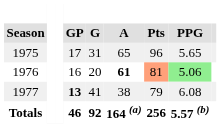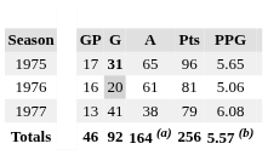 <table BORDER="0" CELLPADDING="3" CELLSPACING="0">
 <tr ALIGN="center" style="background:#e0e0e0;">
 <th colspan="1" style="background:#ffffff;"> </th>
 <th rowspan="99" style="background:#ffffff;"> </th>
 <th rowspan="99" style="background:#ffffff;"> </th>
 </tr>
 <tr ALIGN="center" style="background:#e0e0e0;">
 <th>Season</th>
 <th>GP</th>
 <th>G</th>
 <th>A</th>
 <th>Pts</th>
 <th>PPG</th>
 <th></th>
 </tr>
 <tr ALIGN="center" style="background:#f0f0f0;">
 <td>1975</td>
 <td>17</td>
-<td>31</td>
+<td><strong>31</strong></td>
 <td>65</td>
 <td>96</td>
 <td>5.65</td>
 <td></td>
 </tr>
 <tr ALIGN="center">
 <td>1976</td>
 <td>16</td>
-<td>20</td>
-<td><strong>61</strong></td>
-<td style="background: lightsalmon;">81</td>
-<td style="background: lightgreen;">5.06</td>
+<td style="background: lightgrey;">20</td>
+<td>61</td>
+<td>81</td>
+<td>5.06</td>
 <td></td>
 </tr>
 <tr ALIGN="center" style="background:#f0f0f0;">
 <td>1977</td>
-<td><strong>13</strong></td>
+<td>13</td>
 <td>41</td>
 <td>38</td>
 <td>79</td>
 <td>6.08</td>
 <td></td>
 </tr>
 <tr ALIGN="center">
 <th colspan="1.5">Totals</th>
 <th>46</th>
 <th>92</th>
 <th>164  <sup><strong><em>(a)</em></strong></sup></th>
 <th>256</th>
 <th>5.57  <sup><strong><em>(b)</em></strong></sup></th>
 </tr>
 </table>
